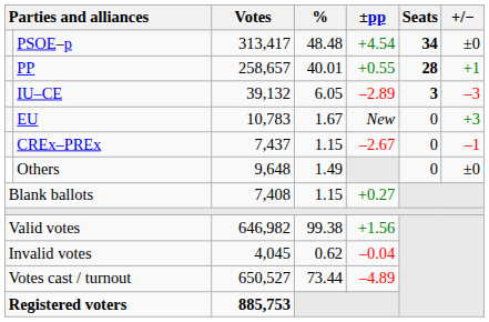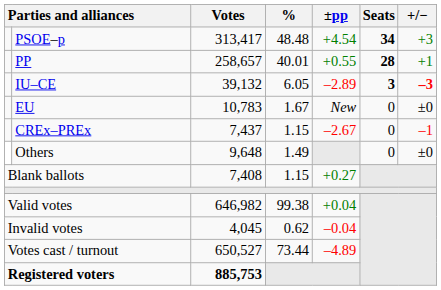 <table class="wikitable" style="text-align:right;">
 <tr>
 <th style="text-align:left;" colspan="2" width="200">Parties and alliances</th>
 <th width="75">Votes</th>
 <th width="45">%</th>
 <th width="45">±<a href='#'>pp</a></th>
 <th width="35">Seats</th>
 <th width="35">+/−</th>
 </tr>
 <tr>
 <td width="1" style="color:inherit;background:"></td>
 <td align="left"><a href='#'>PSOE</a>–<a href='#'>p</a></td>
 <td>313,417</td>
 <td>48.48</td>
 <td style="color:green;">+4.54</td>
 <td><strong>34</strong></td>
-<td>±0</td>
+<td style="color:green;">+3</td>
 </tr>
 <tr>
 <td style="color:inherit;background:"></td>
 <td align="left"><a href='#'>PP</a></td>
 <td>258,657</td>
 <td>40.01</td>
 <td style="color:green;">+0.55</td>
 <td><strong>28</strong></td>
 <td style="color:green;">+1</td>
 </tr>
 <tr>
 <td style="color:inherit;background:"></td>
 <td align="left"><a href='#'>IU–CE</a></td>
 <td>39,132</td>
 <td>6.05</td>
 <td style="color:red;">–2.89</td>
 <td><strong>3</strong></td>
-<td style="color:red;">–3</td>
+<td style="color:red;"><strong>–3</strong></td>
 </tr>
 <tr>
 <td style="color:inherit;background:"></td>
 <td align="left"><a href='#'>EU</a></td>
 <td>10,783</td>
 <td>1.67</td>
 <td><em>New</em></td>
 <td>0</td>
-<td style="color:green;">+3</td>
+<td>±0</td>
 </tr>
 <tr>
 <td style="color:inherit;background:"></td>
 <td align="left"><a href='#'>CREx–PREx</a></td>
 <td>7,437</td>
 <td>1.15</td>
 <td style="color:red;">–2.67</td>
 <td>0</td>
 <td style="color:red;">–1</td>
 </tr>
 <tr>
 <td bgcolor="white"></td>
 <td align="left">Others</td>
 <td>9,648</td>
 <td>1.49</td>
 <td bgcolor="#E9E9E9"></td>
 <td>0</td>
 <td>±0</td>
 </tr>
 <tr>
 <td align="left" colspan="2">Blank ballots</td>
 <td>7,408</td>
 <td>1.15</td>
 <td style="color:green;">+0.27</td>
 <td bgcolor="#E9E9E9" colspan="2"></td>
 </tr>
 <tr>
 <td colspan="7" bgcolor="#E9E9E9"></td>
 </tr>
 <tr>
 <td align="left" colspan="2">Valid votes</td>
 <td>646,982</td>
 <td>99.38</td>
-<td style="color:green;">+1.56</td>
+<td style="color:green;">+0.04</td>
 <td bgcolor="#E9E9E9" colspan="2" rowspan="4"></td>
 </tr>
 <tr>
 <td align="left" colspan="2">Invalid votes</td>
 <td>4,045</td>
 <td>0.62</td>
 <td style="color:red;">–0.04</td>
 </tr>
 <tr>
 <td align="left" colspan="2">Votes cast / turnout</td>
 <td>650,527</td>
 <td>73.44</td>
 <td style="color:red;">–4.89</td>
 </tr>
 <tr style="font-weight:bold;">
 <td align="left" colspan="2">Registered voters</td>
 <td>885,753</td>
 <td bgcolor="#E9E9E9" colspan="2"></td>
 </tr>
 </table>
